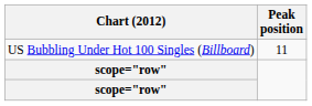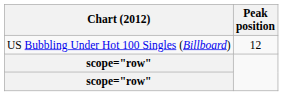 <table class="wikitable sortable plainrowheaders" style="text-align:center;">
 <tr>
 <th scope="col">Chart (2012)</th>
 <th scope="col">Peak<br>position</th>
 </tr>
 <tr>
 <td>US <a href='#'>Bubbling Under Hot 100 Singles</a> (<em><a href='#'>Billboard</a></em>)</td>
-<td align="center">11</td>
+<td align="center">12</td>
 </tr>
 <tr>
 <th>scope="row"</th>
 </tr>
 <tr>
 <th>scope="row"</th>
 </tr>
 </table>
